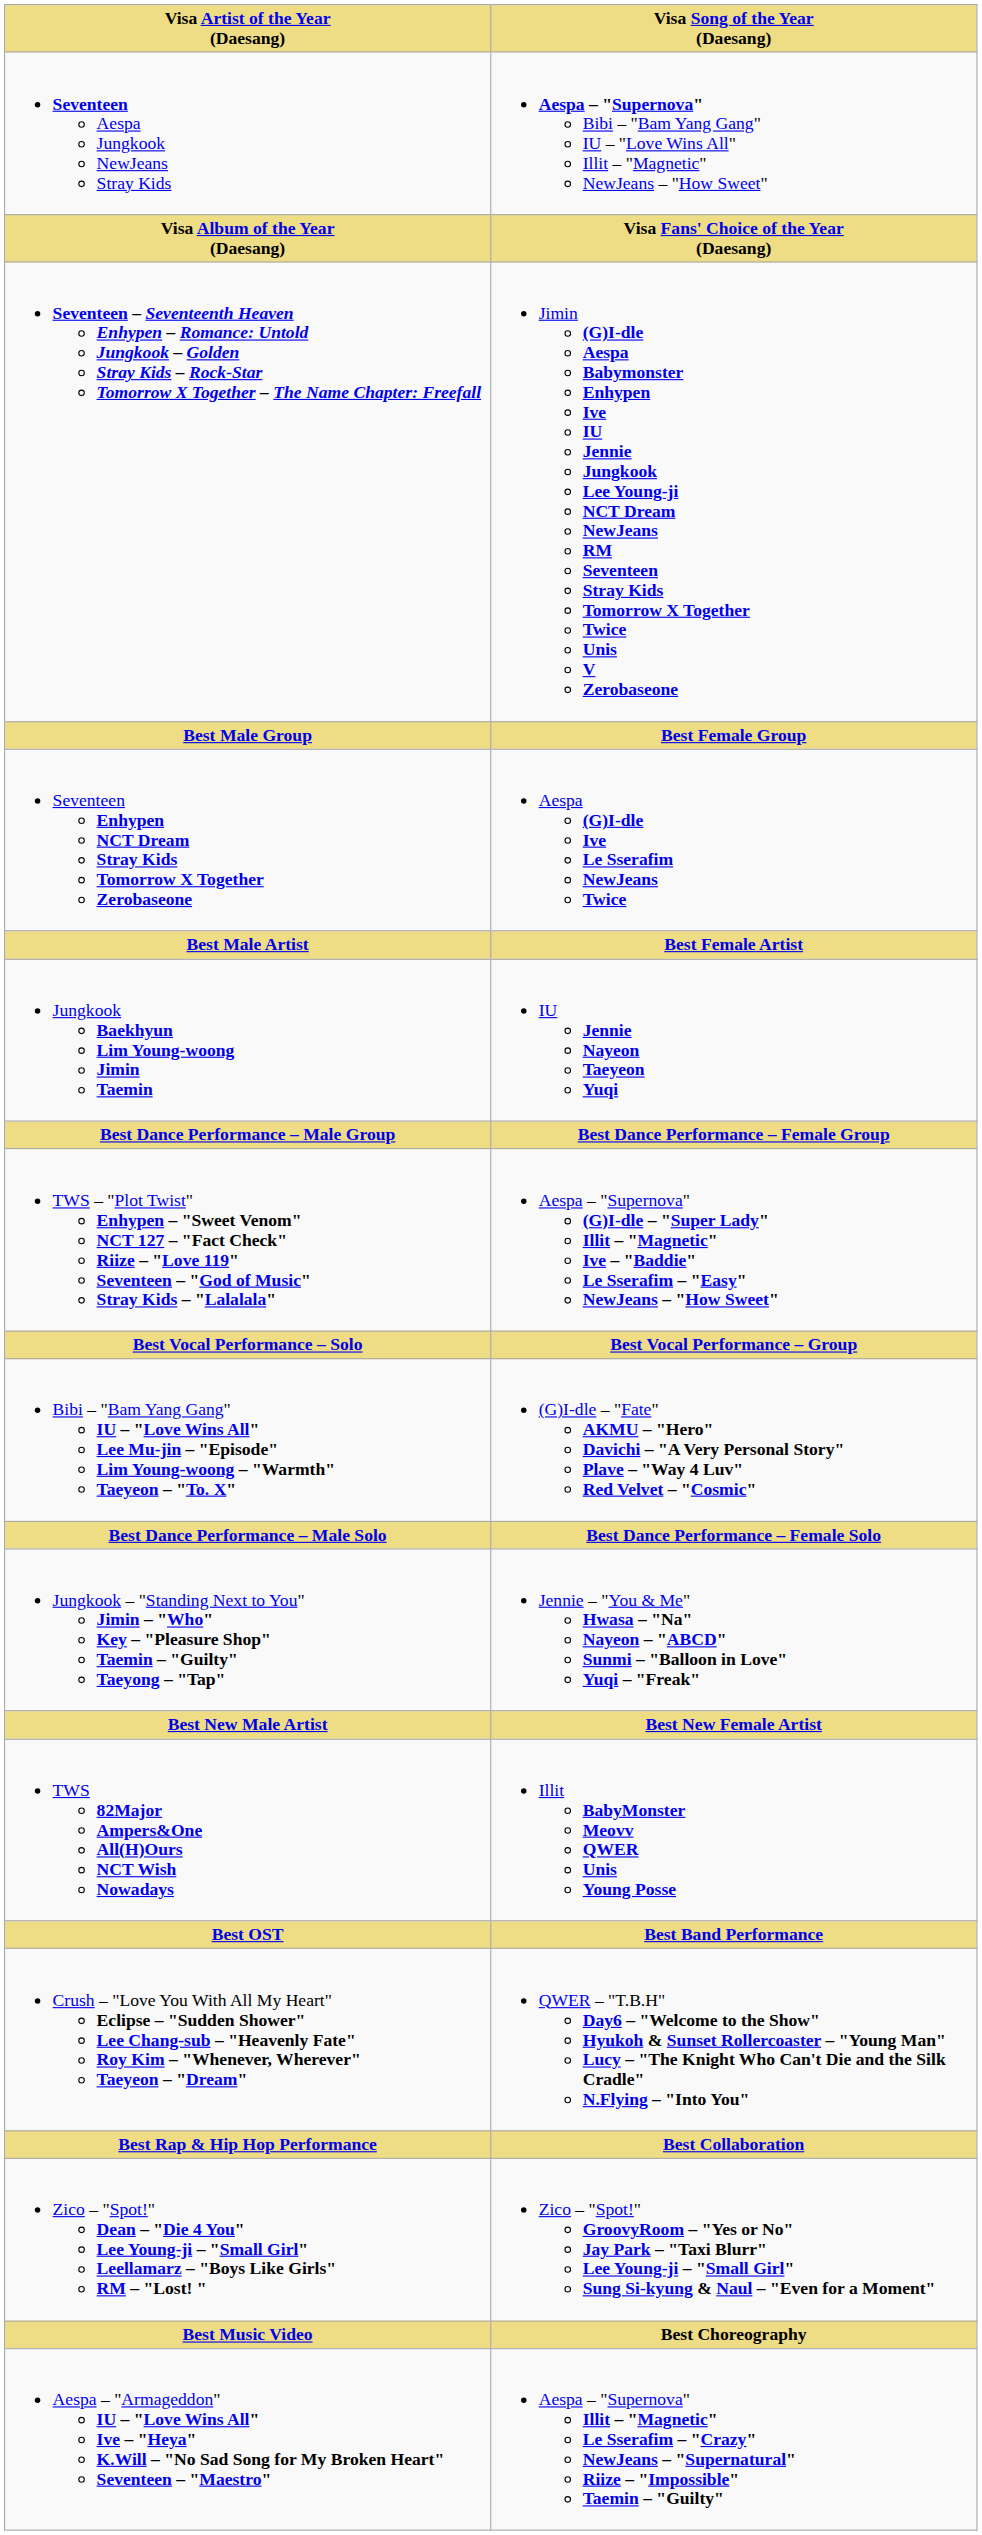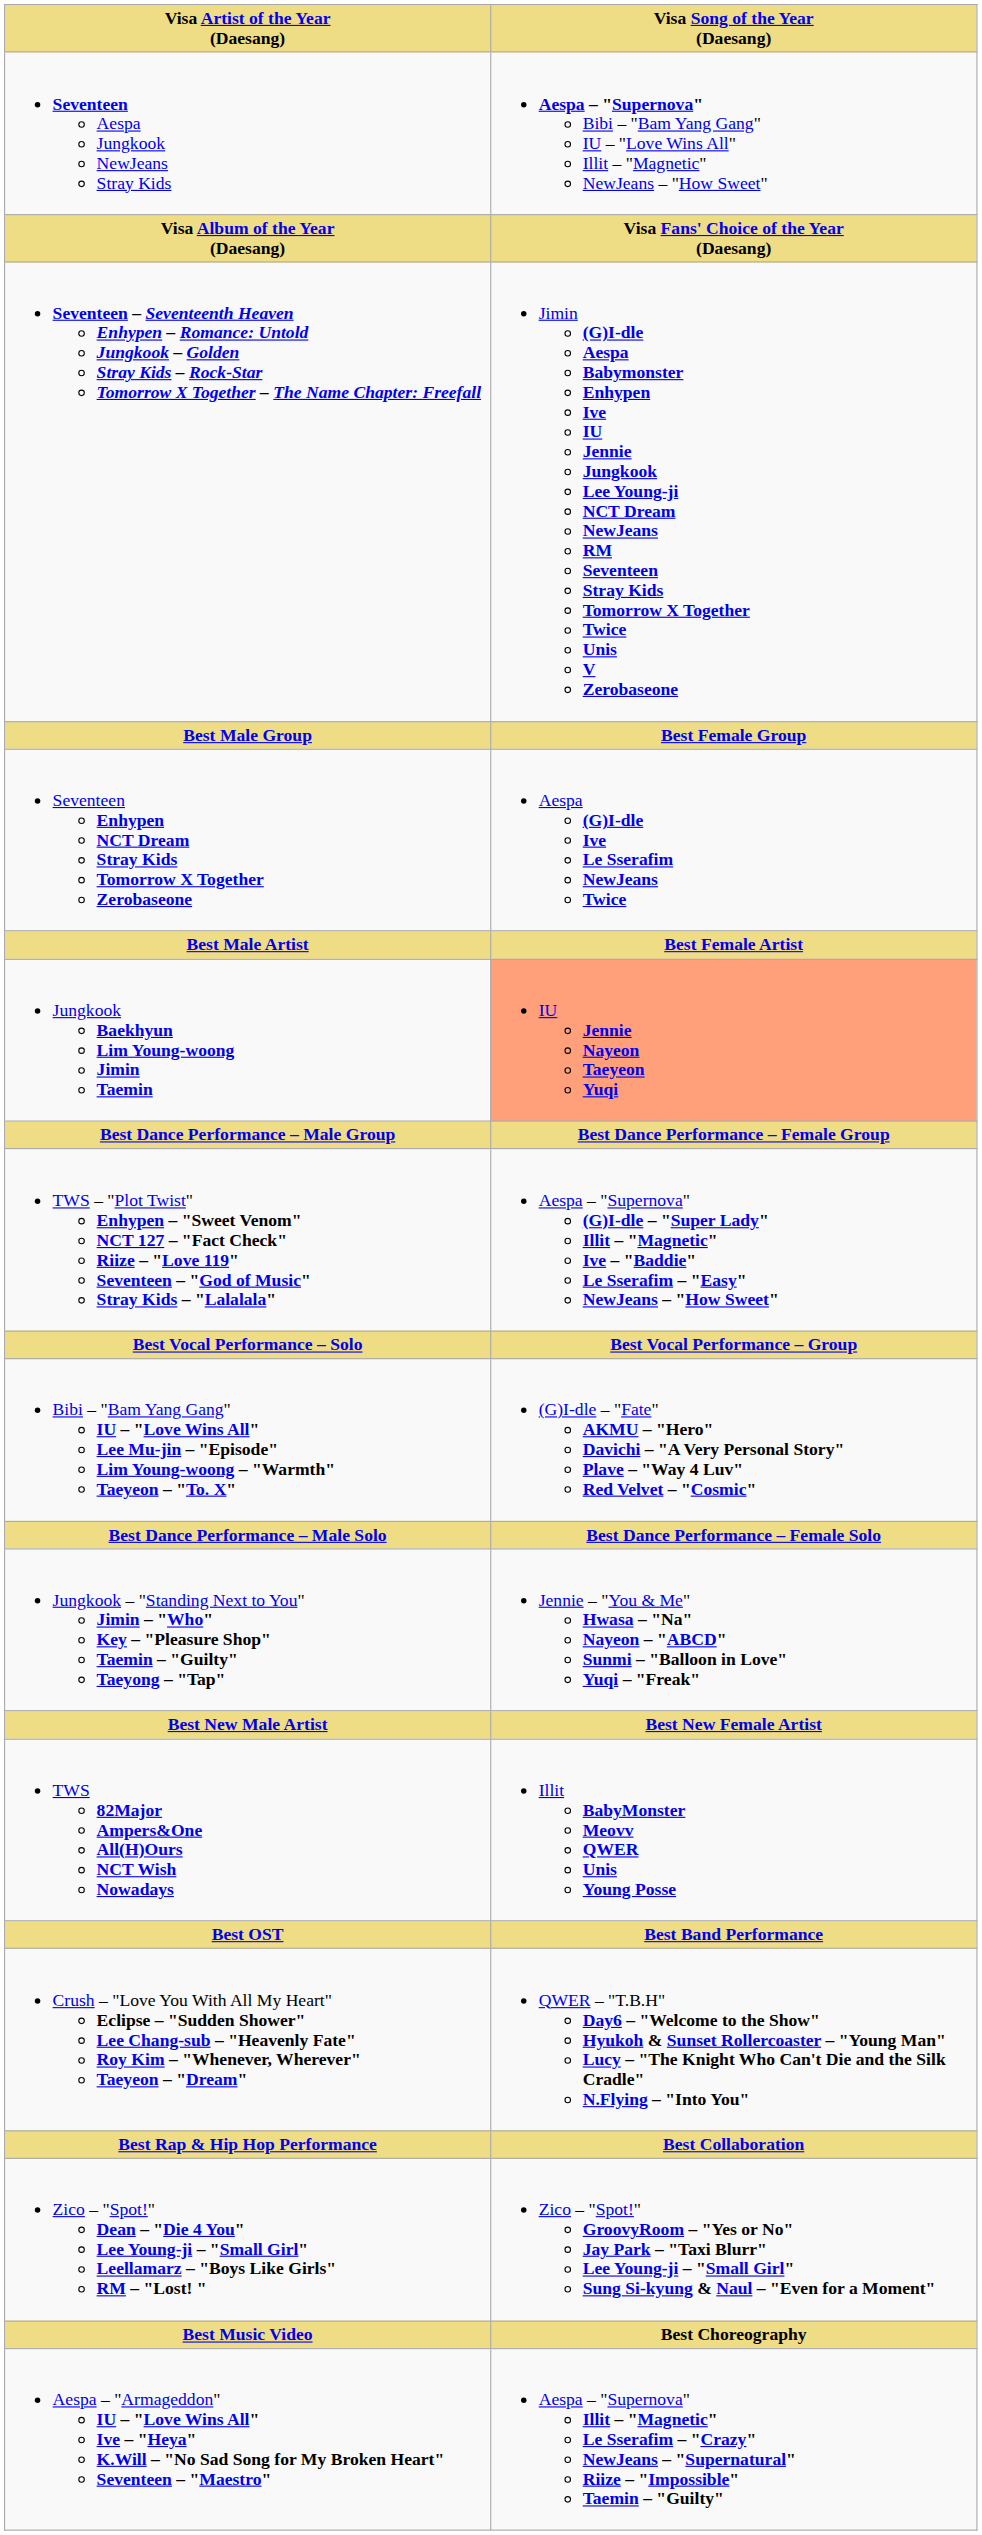 <table class="wikitable" style="width:70%">
 <tr>
 <th scope="col" style="background-color:#EEDD85; width:35%">Visa <a href='#'>Artist of the Year</a><br>(Daesang)</th>
 <th scope="col" style="background-color:#EEDD85; width:35%">Visa <a href='#'>Song of the Year</a><br>(Daesang)</th>
 </tr>
 <tr>
 <td style="vertical-align:top"><br><ul><li><strong><a href='#'>Seventeen</a></strong><ul><li><a href='#'>Aespa</a></li><li><a href='#'>Jungkook</a></li><li><a href='#'>NewJeans</a></li><li><a href='#'>Stray Kids</a></li></ul></li></ul></td>
 <td style="vertical-align:top"><br><ul><li><strong><a href='#'>Aespa</a> – "<a href='#'>Supernova</a>"</strong><ul><li><a href='#'>Bibi</a> – "<a href='#'>Bam Yang Gang</a>"</li><li><a href='#'>IU</a> – "<a href='#'>Love Wins All</a>"</li><li><a href='#'>Illit</a> – "<a href='#'>Magnetic</a>"</li><li><a href='#'>NewJeans</a> – "<a href='#'>How Sweet</a>"</li></ul></li></ul></td>
 </tr>
 <tr>
 <th scope="col" style="background-color:#EEDD85; width:35%">Visa <a href='#'>Album of the Year</a><br>(Daesang)</th>
 <th scope="col" style="background-color:#EEDD85; width:35%">Visa <a href='#'>Fans' Choice of the Year</a><br>(Daesang)</th>
 </tr>
 <tr>
 <td style="vertical-align:top"><br><ul><li><strong><a href='#'>Seventeen</a> – <em><a href='#'>Seventeenth Heaven</a><strong><em><ul><li><a href='#'>Enhypen</a> – </em><a href='#'>Romance: Untold</a><em></li><li><a href='#'>Jungkook</a> – </em><a href='#'>Golden</a><em></li><li><a href='#'>Stray Kids</a> – </em><a href='#'>Rock-Star</a><em></li><li><a href='#'>Tomorrow X Together</a> – </em><a href='#'>The Name Chapter: Freefall</a><em></li></ul></li></ul></td>
 <td style="vertical-align:top"><br><ul><li></strong><a href='#'>Jimin</a><strong><ul><li><a href='#'>(G)I-dle</a></li><li><a href='#'>Aespa</a></li><li><a href='#'>Babymonster</a></li><li><a href='#'>Enhypen</a></li><li><a href='#'>Ive</a></li><li><a href='#'>IU</a></li><li><a href='#'>Jennie</a></li><li><a href='#'>Jungkook</a></li><li><a href='#'>Lee Young-ji</a></li><li><a href='#'>NCT Dream</a></li><li><a href='#'>NewJeans</a></li><li><a href='#'>RM</a></li><li><a href='#'>Seventeen</a></li><li><a href='#'>Stray Kids</a></li><li><a href='#'>Tomorrow X Together</a></li><li><a href='#'>Twice</a></li><li><a href='#'>Unis</a></li><li><a href='#'>V</a></li><li><a href='#'>Zerobaseone</a></li></ul></li></ul></td>
 </tr>
 <tr>
 <th scope="col" style="background-color:#EEDD85; width:35%"><a href='#'>Best Male Group</a></th>
 <th scope="col" style="background-color:#EEDD85; width:35%"><a href='#'>Best Female Group</a></th>
 </tr>
 <tr>
 <td style="vertical-align:top"><br><ul><li></strong><a href='#'>Seventeen</a><strong><ul><li><a href='#'>Enhypen</a></li><li><a href='#'>NCT Dream</a></li><li><a href='#'>Stray Kids</a></li><li><a href='#'>Tomorrow X Together</a></li><li><a href='#'>Zerobaseone</a></li></ul></li></ul></td>
 <td style="vertical-align:top"><br><ul><li></strong><a href='#'>Aespa</a><strong><ul><li><a href='#'>(G)I-dle</a></li><li><a href='#'>Ive</a></li><li><a href='#'>Le Sserafim</a></li><li><a href='#'>NewJeans</a></li><li><a href='#'>Twice</a></li></ul></li></ul></td>
 </tr>
 <tr>
 <th scope="col" style="background-color:#EEDD85; width:35%"><a href='#'>Best Male Artist</a></th>
 <th scope="col" style="background-color:#EEDD85; width:35%"><a href='#'>Best Female Artist</a></th>
 </tr>
 <tr>
 <td style="vertical-align:top"><br><ul><li></strong><a href='#'>Jungkook</a><strong><ul><li><a href='#'>Baekhyun</a></li><li><a href='#'>Lim Young-woong</a></li><li><a href='#'>Jimin</a></li><li><a href='#'>Taemin</a></li></ul></li></ul></td>
-<td style="vertical-align:top"><br><ul><li><a href='#'></strong>IU<strong></a><ul><li><a href='#'>Jennie</a></li><li><a href='#'>Nayeon</a></li><li><a href='#'>Taeyeon</a></li><li><a href='#'>Yuqi</a></li></ul></li></ul></td>
+<td style="background: lightsalmon; vertical-align:top"><br><ul><li><a href='#'></strong>IU<strong></a><ul><li><a href='#'>Jennie</a></li><li><a href='#'>Nayeon</a></li><li><a href='#'>Taeyeon</a></li><li><a href='#'>Yuqi</a></li></ul></li></ul></td>
 </tr>
 <tr>
 <th scope="col" style="background-color:#EEDD85; width:35%"><a href='#'>Best Dance Performance – Male Group</a></th>
 <th scope="col" style="background-color:#EEDD85; width:35%"><a href='#'>Best Dance Performance – Female Group</a></th>
 </tr>
 <tr>
 <td style="vertical-align:top"><br><ul><li></strong><a href='#'>TWS</a> – "<a href='#'>Plot Twist</a>"<strong><ul><li><a href='#'>Enhypen</a> – "Sweet Venom"</li><li><a href='#'>NCT 127</a> – "Fact Check"</li><li><a href='#'>Riize</a> – "<a href='#'>Love 119</a>"</li><li><a href='#'>Seventeen</a> – "<a href='#'>God of Music</a>"</li><li><a href='#'>Stray Kids</a> – "<a href='#'>Lalalala</a>"</li></ul></li></ul></td>
 <td style="vertical-align:top"><br><ul><li></strong><a href='#'>Aespa</a> – "<a href='#'>Supernova</a>"<strong><ul><li><a href='#'>(G)I-dle</a> – "<a href='#'>Super Lady</a>"</li><li><a href='#'>Illit</a> – "<a href='#'>Magnetic</a>"</li><li><a href='#'>Ive</a> – "<a href='#'>Baddie</a>"</li><li><a href='#'>Le Sserafim</a> – "<a href='#'>Easy</a>"</li><li><a href='#'>NewJeans</a> – "<a href='#'>How Sweet</a>"</li></ul></li></ul></td>
 </tr>
 <tr>
 <th scope="col" style="background-color:#EEDD85; width:35%"><a href='#'>Best Vocal Performance – Solo</a></th>
 <th scope="col" style="background-color:#EEDD85; width:35%"><a href='#'>Best Vocal Performance – Group</a></th>
 </tr>
 <tr>
 <td style="vertical-align:top"><br><ul><li></strong><a href='#'>Bibi</a> – "<a href='#'>Bam Yang Gang</a>"<strong><ul><li><a href='#'>IU</a> – "<a href='#'>Love Wins All</a>"</li><li><a href='#'>Lee Mu-jin</a> – "Episode"</li><li><a href='#'>Lim Young-woong</a> – "Warmth"</li><li><a href='#'>Taeyeon</a> – "<a href='#'>To. X</a>"</li></ul></li></ul></td>
 <td style="vertical-align:top"><br><ul><li></strong><a href='#'>(G)I-dle</a> – "<a href='#'>Fate</a>"<strong><ul><li><a href='#'>AKMU</a> – "Hero"</li><li><a href='#'>Davichi</a> – "A Very Personal Story"</li><li><a href='#'>Plave</a> – "Way 4 Luv"</li><li><a href='#'>Red Velvet</a> – "<a href='#'>Cosmic</a>"</li></ul></li></ul></td>
 </tr>
 <tr>
 <th scope="col" style="background-color:#EEDD85; width:35%"><a href='#'>Best Dance Performance – Male Solo</a></th>
 <th scope="col" style="background-color:#EEDD85; width:35%"><a href='#'>Best Dance Performance – Female Solo</a></th>
 </tr>
 <tr>
 <td style="vertical-align:top"><br><ul><li></strong><a href='#'>Jungkook</a> – "<a href='#'>Standing Next to You</a>"<strong><ul><li><a href='#'>Jimin</a> – "<a href='#'>Who</a>"</li><li><a href='#'>Key</a> – "Pleasure Shop"</li><li><a href='#'>Taemin</a> – "Guilty"</li><li><a href='#'>Taeyong</a> – "Tap"</li></ul></li></ul></td>
 <td style="vertical-align:top"><br><ul><li></strong><a href='#'>Jennie</a> – "<a href='#'>You & Me</a>"<strong><ul><li><a href='#'>Hwasa</a> – "Na"</li><li><a href='#'>Nayeon</a> – "<a href='#'>ABCD</a>"</li><li><a href='#'>Sunmi</a> – "Balloon in Love"</li><li><a href='#'>Yuqi</a> – "Freak"</li></ul></li></ul></td>
 </tr>
 <tr>
 <th scope="col" style="background-color:#EEDD85; width:35%"><a href='#'>Best New Male Artist</a></th>
 <th scope="col" style="background-color:#EEDD85; width:35%"><a href='#'>Best New Female Artist</a></th>
 </tr>
 <tr>
 <td style="vertical-align:top"><br><ul><li></strong><a href='#'>TWS</a><strong><ul><li><a href='#'>82Major</a></li><li><a href='#'>Ampers&One</a></li><li><a href='#'>All(H)Ours</a></li><li><a href='#'>NCT Wish</a></li><li><a href='#'>Nowadays</a></li></ul></li></ul></td>
 <td style="vertical-align:top"><br><ul><li></strong><a href='#'>Illit</a><strong><ul><li><a href='#'>BabyMonster</a></li><li><a href='#'>Meovv</a></li><li><a href='#'>QWER</a></li><li><a href='#'>Unis</a></li><li><a href='#'>Young Posse</a></li></ul></li></ul></td>
 </tr>
 <tr>
 <th scope="col" style="background-color:#EEDD85; width:35%"><a href='#'>Best OST</a></th>
 <th scope="col" style="background-color:#EEDD85; width:35%"><a href='#'>Best Band Performance</a></th>
 </tr>
 <tr>
 <td style="vertical-align:top"><br><ul><li></strong><a href='#'>Crush</a> – "Love You With All My Heart" <strong><ul><li>Eclipse – "Sudden Shower" </li><li><a href='#'>Lee Chang-sub</a> – "Heavenly Fate" </li><li><a href='#'>Roy Kim</a> – "Whenever, Wherever" </li><li><a href='#'>Taeyeon</a> – "<a href='#'>Dream</a>" </li></ul></li></ul></td>
 <td style="vertical-align:top"><br><ul><li></strong><a href='#'>QWER</a> – "T.B.H"<strong><ul><li><a href='#'>Day6</a> – "Welcome to the Show"</li><li><a href='#'>Hyukoh</a> & <a href='#'>Sunset Rollercoaster</a> – "Young Man"</li><li><a href='#'>Lucy</a> – "The Knight Who Can't Die and the Silk Cradle"</li><li><a href='#'>N.Flying</a> – "Into You"</li></ul></li></ul></td>
 </tr>
 <tr>
 <th scope="col" style="background-color:#EEDD85; width:35%"><a href='#'>Best Rap & Hip Hop Performance</a></th>
 <th scope="col" style="background-color:#EEDD85; width:35%"><a href='#'>Best Collaboration</a></th>
 </tr>
 <tr>
 <td style="vertical-align:top"><br><ul><li></strong><a href='#'>Zico</a> – "<a href='#'>Spot!</a>" <strong><ul><li><a href='#'>Dean</a> – "<a href='#'>Die 4 You</a>"</li><li><a href='#'>Lee Young-ji</a> – "<a href='#'>Small Girl</a>" </li><li><a href='#'>Leellamarz</a> – "Boys Like Girls" </li><li><a href='#'>RM</a> – "Lost! "</li></ul></li></ul></td>
 <td style="vertical-align:top"><br><ul><li></strong><a href='#'>Zico</a> – "<a href='#'>Spot!</a>" <strong><ul><li><a href='#'>GroovyRoom</a> – "Yes or No" </li><li><a href='#'>Jay Park</a> – "Taxi Blurr" </li><li><a href='#'>Lee Young-ji</a> – "<a href='#'>Small Girl</a>" </li><li><a href='#'>Sung Si-kyung</a> & <a href='#'>Naul</a> – "Even for a Moment"</li></ul></li></ul></td>
 </tr>
 <tr>
 <th scope="col" style="background-color:#EEDD85; width:35%"><a href='#'>Best Music Video</a></th>
 <th scope="col" style="background-color:#EEDD85; width:35%">Best Choreography</th>
 </tr>
 <tr>
 <td style="vertical-align:top"><br><ul><li></strong><a href='#'>Aespa</a> – "<a href='#'>Armageddon</a>"<strong><ul><li><a href='#'>IU</a> – "<a href='#'>Love Wins All</a>"</li><li><a href='#'>Ive</a> – "<a href='#'>Heya</a>"</li><li><a href='#'>K.Will</a> – "No Sad Song for My Broken Heart"</li><li><a href='#'>Seventeen</a> – "<a href='#'>Maestro</a>"</li></ul></li></ul></td>
 <td style="vertical-align:top"><br><ul><li></strong><a href='#'>Aespa</a> – "<a href='#'>Supernova</a>"<strong><ul><li><a href='#'>Illit</a> – "<a href='#'>Magnetic</a>"</li><li><a href='#'>Le Sserafim</a> – "<a href='#'>Crazy</a>"</li><li><a href='#'>NewJeans</a> – "<a href='#'>Supernatural</a>"</li><li><a href='#'>Riize</a> – "<a href='#'>Impossible</a>"</li><li><a href='#'>Taemin</a> – "Guilty"</li></ul></li></ul></td>
 </tr>
 </table>
